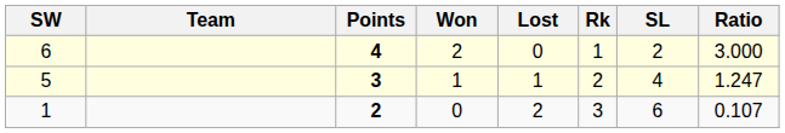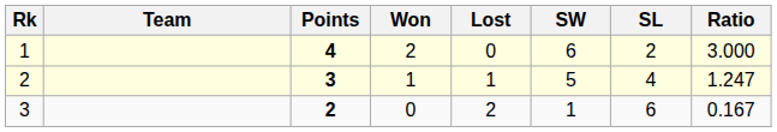 <table class=wikitable style="text-align:center">
 <tr bgcolor="#DCDCDC">
-<th width="60">SW</th>
+<th width="25">Rk</th>
 <th width="200">Team</th>
 <th width="60">Points</th>
 <th width="60">Won</th>
 <th width="60">Lost</th>
-<th width="25">Rk</th>
+<th width="60">SW</th>
 <th width="60">SL</th>
 <th width="60">Ratio</th>
 </tr>
 <tr bgcolor=lightyellow>
-<td>6</td>
+<td>1</td>
 <td align=left></td>
 <td><strong>4</strong></td>
 <td>2</td>
 <td>0</td>
-<td>1</td>
+<td>6</td>
 <td>2</td>
 <td>3.000</td>
 </tr>
 <tr bgcolor=lightyellow>
-<td>5</td>
+<td>2</td>
 <td align=left></td>
 <td><strong>3</strong></td>
 <td>1</td>
 <td>1</td>
-<td>2</td>
+<td>5</td>
 <td>4</td>
 <td>1.247</td>
 </tr>
 <tr>
-<td>1</td>
+<td>3</td>
 <td align=left></td>
 <td><strong>2</strong></td>
 <td>0</td>
 <td>2</td>
-<td>3</td>
+<td>1</td>
 <td>6</td>
-<td>0.107</td>
+<td>0.167</td>
 </tr>
 </table>
